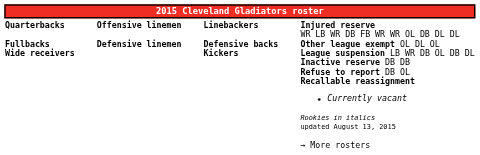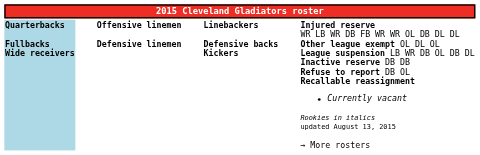 <table class="toccolours" style="text-align: left;">
 <tr>
 <th colspan=7 style="background:#EE2D24; border: 2px solid black; color:white; text-align:center;"><strong>2015 Cleveland Gladiators roster</strong></th>
 </tr>
 <tr>
-<td style="font-size: 95%;vertical-align:top;"><strong>Quarterbacks</strong><br> <br><strong>Fullbacks</strong> <br><strong>Wide receivers</strong>     </td>
+<td style="background: lightblue; font-size: 95%;vertical-align:top;"><strong>Quarterbacks</strong><br> <br><strong>Fullbacks</strong> <br><strong>Wide receivers</strong>     </td>
 <td style="width: 25px;"></td>
 <td style="font-size: 95%;vertical-align:top;"><strong>Offensive linemen</strong><br>   <br><strong>Defensive linemen</strong>     </td>
 <td style="width: 25px;"></td>
 <td style="font-size: 95%;vertical-align:top;"><strong>Linebackers</strong><br><br><strong>Defensive backs</strong>     <br><strong>Kickers</strong> </td>
 <td style="width: 25px;"></td>
 <td style="font-size: 95%;vertical-align:top;"><strong>Injured reserve</strong><br> WR  LB  WR  DB  FB  WR  WR  OL  DB  DL  DL<br><strong>Other league exempt</strong>  OL  DL  OL<br><strong>League suspension</strong>  LB  WR  DB  OL  DB  DL<br><strong>Inactive reserve</strong>  DB  DB<br><strong>Refuse to report</strong>  DB  OL<br><strong>Recallable reassignment</strong><ul><li><em>Currently vacant</em></li></ul><small><em>Rookies in italics</em><br><span></span> updated August 13, 2015</small><br> <br>→ More rosters</td>
 </tr>
 </table>
